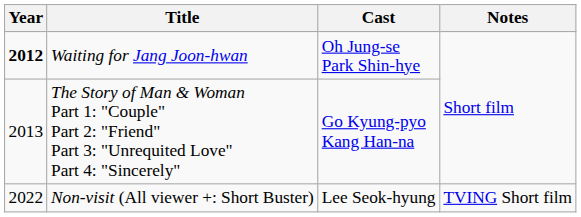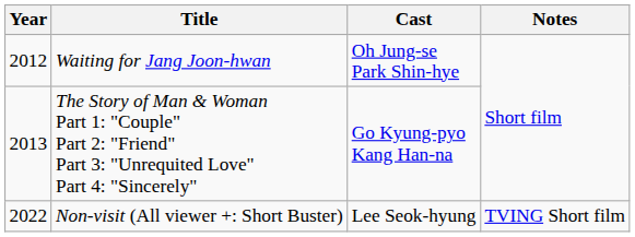 <table class="wikitable">
 <tr>
 <th>Year</th>
 <th>Title</th>
 <th>Cast</th>
 <th>Notes</th>
 </tr>
 <tr>
-<td><strong>2012</strong></td>
+<td>2012</td>
 <td><em>Waiting for <a href='#'>Jang Joon-hwan</a></em></td>
 <td><a href='#'>Oh Jung-se</a> <br> <a href='#'>Park Shin-hye</a></td>
 <td rowspan="2"><a href='#'>Short film</a></td>
 </tr>
 <tr>
 <td>2013</td>
 <td><em>The Story of Man & Woman</em> <br> Part 1: "Couple" <br> Part 2: "Friend" <br> Part 3: "Unrequited Love" <br> Part 4: "Sincerely"</td>
 <td><a href='#'>Go Kyung-pyo</a> <br> <a href='#'>Kang Han-na</a></td>
 </tr>
 <tr>
 <td>2022</td>
 <td><em>Non-visit</em> (All viewer +: Short Buster)</td>
 <td>Lee Seok-hyung</td>
 <td><a href='#'>TVING</a> Short film</td>
 </tr>
 </table>
